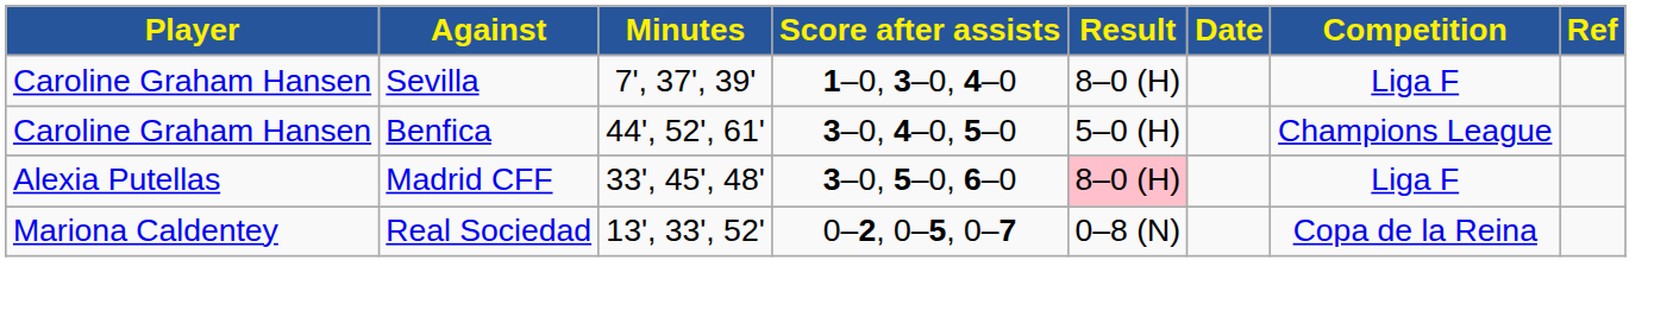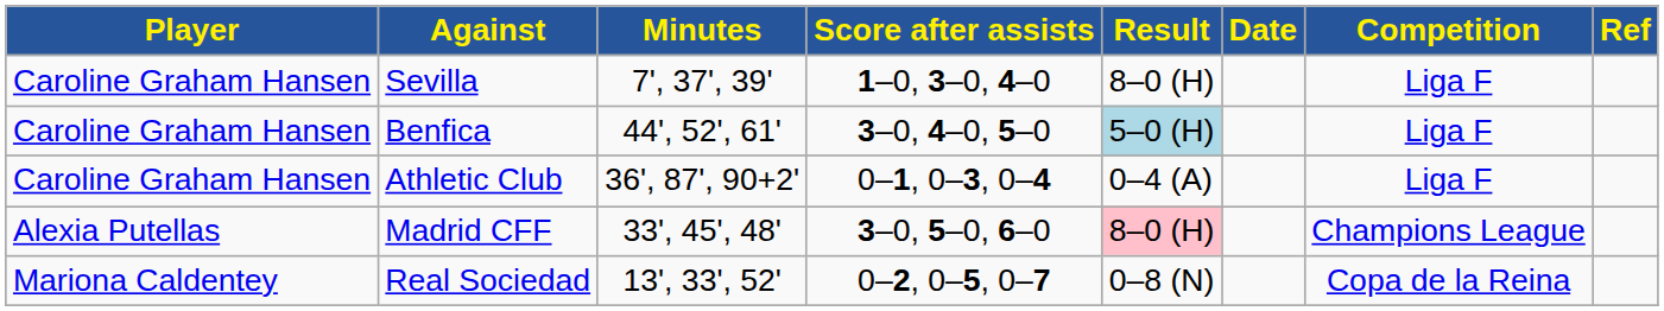 <table class="wikitable">
 <tr>
 <th style="background:#26559B; color:#FFF000; ">Player</th>
 <th style="background:#26559B; color:#FFF000; ">Against</th>
 <th style="background:#26559B; color:#FFF000; text-align:center; ">Minutes</th>
 <th style="background:#26559B; color:#FFF000; text-align:center; ">Score after assists</th>
 <th style="background:#26559B; color:#FFF000; text-align:center; ">Result</th>
 <th style="background:#26559B; color:#FFF000; ">Date</th>
 <th style="background:#26559B; color:#FFF000; text-align:center; ">Competition</th>
 <th style="background:#26559B; color:#FFF000; ">Ref</th>
 </tr>
 <tr>
 <td> <a href='#'>Caroline Graham Hansen</a></td>
 <td> <a href='#'>Sevilla</a></td>
 <td style="text-align:center">7', 37', 39'</td>
 <td style="text-align:center"><strong>1</strong>–0, <strong>3</strong>–0, <strong>4</strong>–0</td>
 <td>8–0 (H)</td>
 <td style="text-align:center"></td>
 <td style="text-align:center"><a href='#'>Liga F</a></td>
 <td style="text-align:center"></td>
 </tr>
 <tr>
 <td> <a href='#'>Caroline Graham Hansen</a></td>
 <td> <a href='#'>Benfica</a></td>
 <td style="text-align:center">44', 52', 61'</td>
 <td style="text-align:center"><strong>3</strong>–0, <strong>4</strong>–0, <strong>5</strong>–0</td>
-<td>5–0 (H)</td>
+<td style="background: lightblue;">5–0 (H)</td>
 <td style="text-align:center"></td>
-<td style="text-align:center"><a href='#'>Champions League</a></td>
+<td style="text-align:center"><a href='#'>Liga F</a></td>
+<td style="text-align:center"></td>
+</tr>
+<tr>
+<td> <a href='#'>Caroline Graham Hansen</a></td>
+<td> <a href='#'>Athletic Club</a></td>
+<td style="text-align:center">36', 87', 90+2'</td>
+<td style="text-align:center">0–<strong>1</strong>, 0–<strong>3</strong>, 0–<strong>4</strong></td>
+<td>0–4 (A)</td>
+<td style="text-align:center"></td>
+<td style="text-align:center"><a href='#'>Liga F</a></td>
 <td style="text-align:center"></td>
 </tr>
 <tr>
 <td> <a href='#'>Alexia Putellas</a></td>
 <td> <a href='#'>Madrid CFF</a></td>
 <td style="text-align:center">33', 45', 48'</td>
 <td style="text-align:center"><strong>3</strong>–0, <strong>5</strong>–0, <strong>6</strong>–0</td>
 <td style="background: pink;">8–0 (H)</td>
 <td style="text-align:center"></td>
-<td style="text-align:center"><a href='#'>Liga F</a></td>
+<td style="text-align:center"><a href='#'>Champions League</a></td>
 <td style="text-align:center"></td>
 </tr>
 <tr>
 <td> <a href='#'>Mariona Caldentey</a></td>
 <td> <a href='#'>Real Sociedad</a></td>
 <td style="text-align:center">13', 33', 52'</td>
 <td style="text-align:center">0–<strong>2</strong>, 0–<strong>5</strong>, 0–<strong>7</strong></td>
 <td>0–8 (N)</td>
 <td style="text-align:center"></td>
 <td style="text-align:center"><a href='#'>Copa de la Reina</a></td>
 <td style="text-align:center"></td>
 </tr>
 </table>
